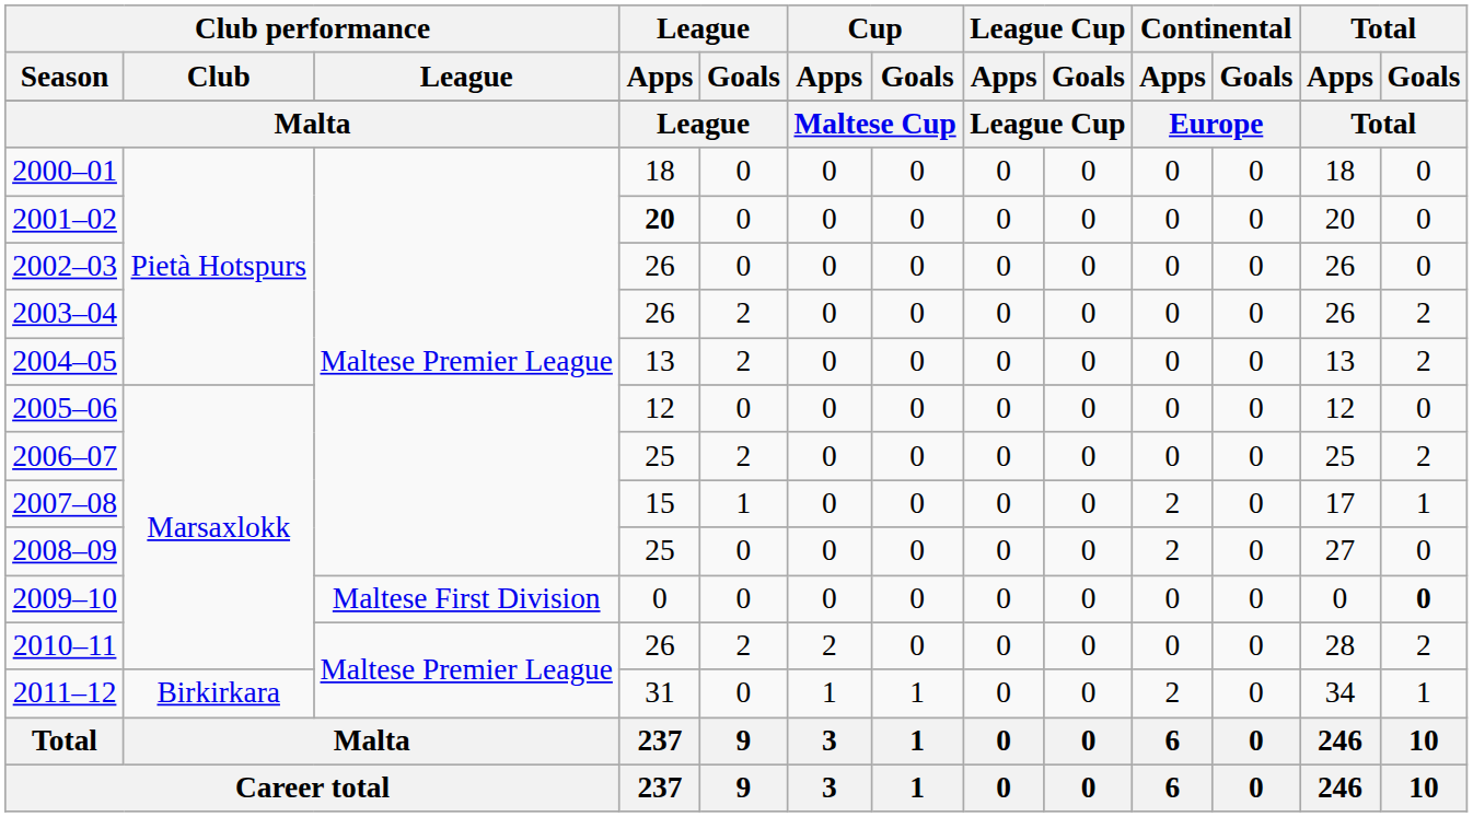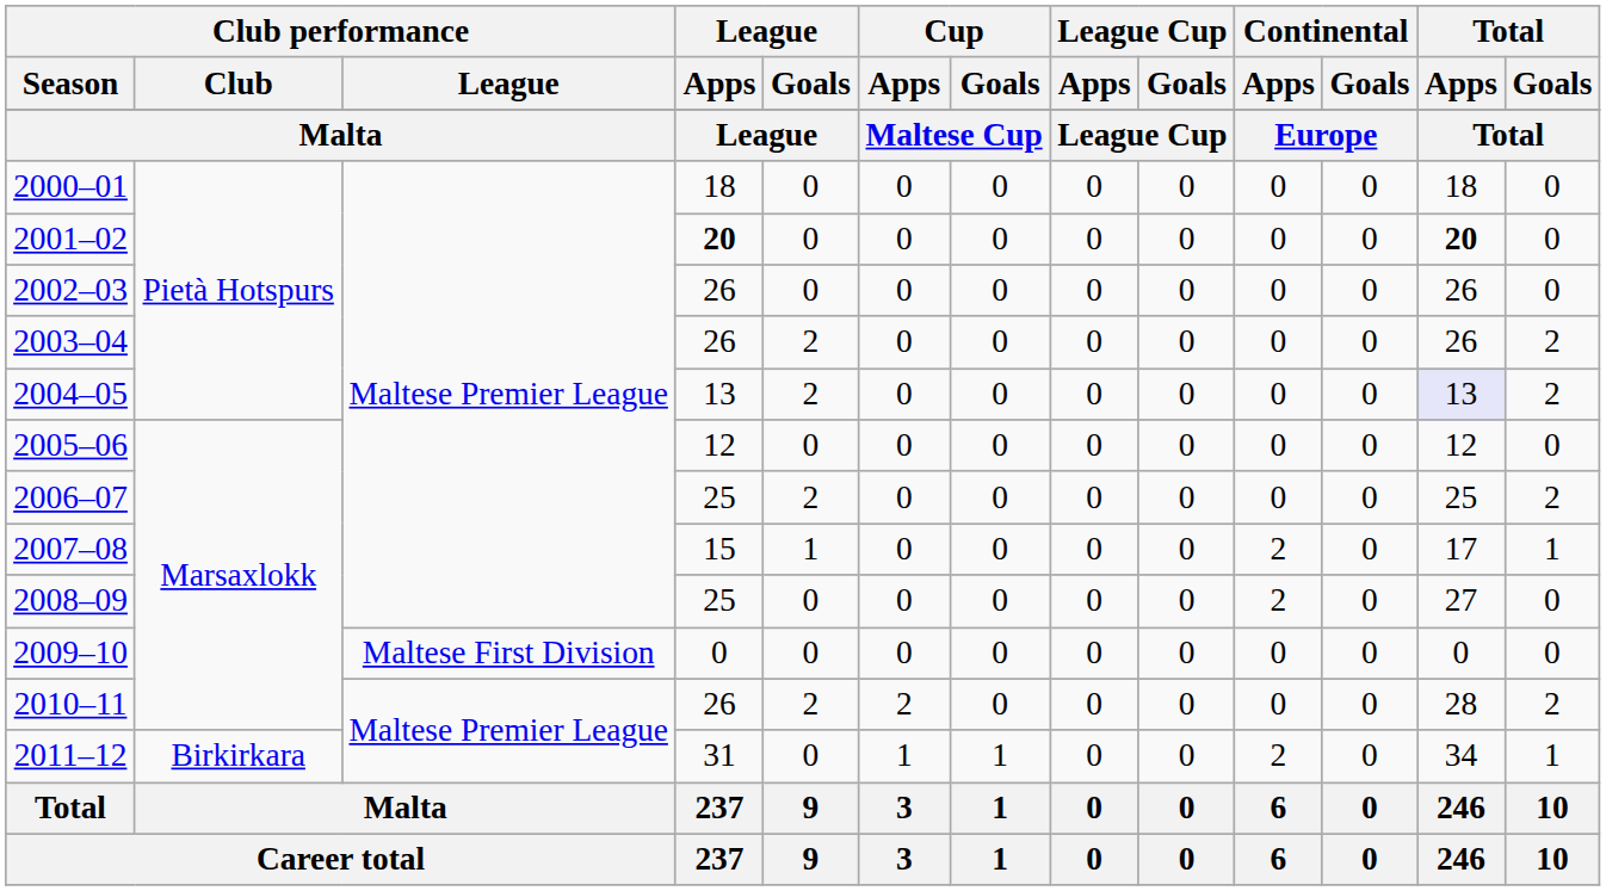 <table class="wikitable" style="text-align:center">
 <tr>
 <th colspan=3>Club performance</th>
 <th colspan=2>League</th>
 <th colspan=2>Cup</th>
 <th colspan=2>League Cup</th>
 <th colspan=2>Continental</th>
 <th colspan=2>Total</th>
 </tr>
 <tr>
 <th>Season</th>
 <th>Club</th>
 <th>League</th>
 <th>Apps</th>
 <th>Goals</th>
 <th>Apps</th>
 <th>Goals</th>
 <th>Apps</th>
 <th>Goals</th>
 <th>Apps</th>
 <th>Goals</th>
 <th>Apps</th>
 <th>Goals</th>
 </tr>
 <tr>
 </tr>
 <tr>
 <th colspan=3>Malta</th>
 <th colspan=2>League</th>
 <th colspan=2><a href='#'>Maltese Cup</a></th>
 <th colspan=2>League Cup</th>
 <th colspan=2><a href='#'>Europe</a></th>
 <th colspan=2>Total</th>
 </tr>
 <tr>
 <td><a href='#'>2000–01</a></td>
 <td rowspan="5"><a href='#'>Pietà Hotspurs</a></td>
 <td rowspan="9"><a href='#'>Maltese Premier League</a></td>
 <td>18</td>
 <td>0</td>
 <td>0</td>
 <td>0</td>
 <td>0</td>
 <td>0</td>
 <td>0</td>
 <td>0</td>
 <td>18</td>
 <td>0</td>
 </tr>
 <tr>
 <td><a href='#'>2001–02</a></td>
 <td><strong>20</strong></td>
 <td>0</td>
 <td>0</td>
 <td>0</td>
 <td>0</td>
 <td>0</td>
 <td>0</td>
 <td>0</td>
-<td>20</td>
+<td><strong>20</strong></td>
 <td>0</td>
 </tr>
 <tr>
 <td><a href='#'>2002–03</a></td>
 <td>26</td>
 <td>0</td>
 <td>0</td>
 <td>0</td>
 <td>0</td>
 <td>0</td>
 <td>0</td>
 <td>0</td>
 <td>26</td>
 <td>0</td>
 </tr>
 <tr>
 <td><a href='#'>2003–04</a></td>
 <td>26</td>
 <td>2</td>
 <td>0</td>
 <td>0</td>
 <td>0</td>
 <td>0</td>
 <td>0</td>
 <td>0</td>
 <td>26</td>
 <td>2</td>
 </tr>
 <tr>
 <td><a href='#'>2004–05</a></td>
 <td>13</td>
 <td>2</td>
 <td>0</td>
 <td>0</td>
 <td>0</td>
 <td>0</td>
 <td>0</td>
 <td>0</td>
-<td>13</td>
+<td style="background: lavender;">13</td>
 <td>2</td>
 </tr>
 <tr>
 <td><a href='#'>2005–06</a></td>
 <td rowspan="6"><a href='#'>Marsaxlokk</a></td>
 <td>12</td>
 <td>0</td>
 <td>0</td>
 <td>0</td>
 <td>0</td>
 <td>0</td>
 <td>0</td>
 <td>0</td>
 <td>12</td>
 <td>0</td>
 </tr>
 <tr>
 <td><a href='#'>2006–07</a></td>
 <td>25</td>
 <td>2</td>
 <td>0</td>
 <td>0</td>
 <td>0</td>
 <td>0</td>
 <td>0</td>
 <td>0</td>
 <td>25</td>
 <td>2</td>
 </tr>
 <tr>
 <td><a href='#'>2007–08</a></td>
 <td>15</td>
 <td>1</td>
 <td>0</td>
 <td>0</td>
 <td>0</td>
 <td>0</td>
 <td>2</td>
 <td>0</td>
 <td>17</td>
 <td>1</td>
 </tr>
 <tr>
 <td><a href='#'>2008–09</a></td>
 <td>25</td>
 <td>0</td>
 <td>0</td>
 <td>0</td>
 <td>0</td>
 <td>0</td>
 <td>2</td>
 <td>0</td>
 <td>27</td>
 <td>0</td>
 </tr>
 <tr>
 <td><a href='#'>2009–10</a></td>
 <td rowspan="1"><a href='#'>Maltese First Division</a></td>
 <td>0</td>
 <td>0</td>
 <td>0</td>
 <td>0</td>
 <td>0</td>
 <td>0</td>
 <td>0</td>
 <td>0</td>
 <td>0</td>
-<td><strong>0</strong></td>
+<td>0</td>
 </tr>
 <tr>
 <td><a href='#'>2010–11</a></td>
 <td rowspan="2"><a href='#'>Maltese Premier League</a></td>
 <td>26</td>
 <td>2</td>
 <td>2</td>
 <td>0</td>
 <td>0</td>
 <td>0</td>
 <td>0</td>
 <td>0</td>
 <td>28</td>
 <td>2</td>
 </tr>
 <tr>
 <td><a href='#'>2011–12</a></td>
 <td rowspan="1"><a href='#'>Birkirkara</a></td>
 <td>31</td>
 <td>0</td>
 <td>1</td>
 <td>1</td>
 <td>0</td>
 <td>0</td>
 <td>2</td>
 <td>0</td>
 <td>34</td>
 <td>1</td>
 </tr>
 <tr>
 <th rowspan=1>Total</th>
 <th colspan=2>Malta</th>
 <th>237</th>
 <th>9</th>
 <th>3</th>
 <th>1</th>
 <th>0</th>
 <th>0</th>
 <th>6</th>
 <th>0</th>
 <th>246</th>
 <th>10</th>
 </tr>
 <tr>
 <th colspan=3>Career total</th>
 <th>237</th>
 <th>9</th>
 <th>3</th>
 <th>1</th>
 <th>0</th>
 <th>0</th>
 <th>6</th>
 <th>0</th>
 <th>246</th>
 <th>10</th>
 </tr>
 </table>
